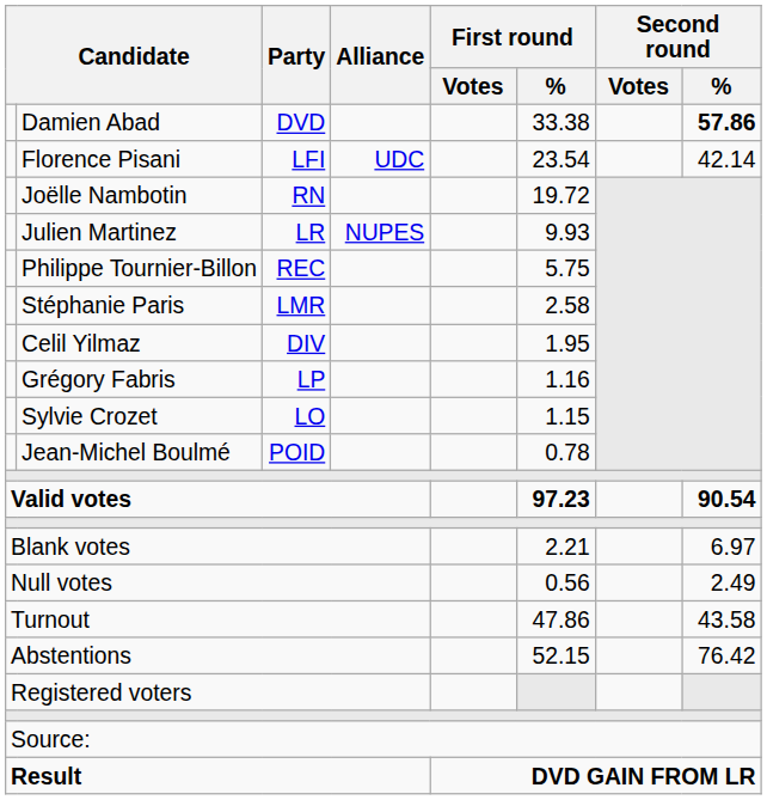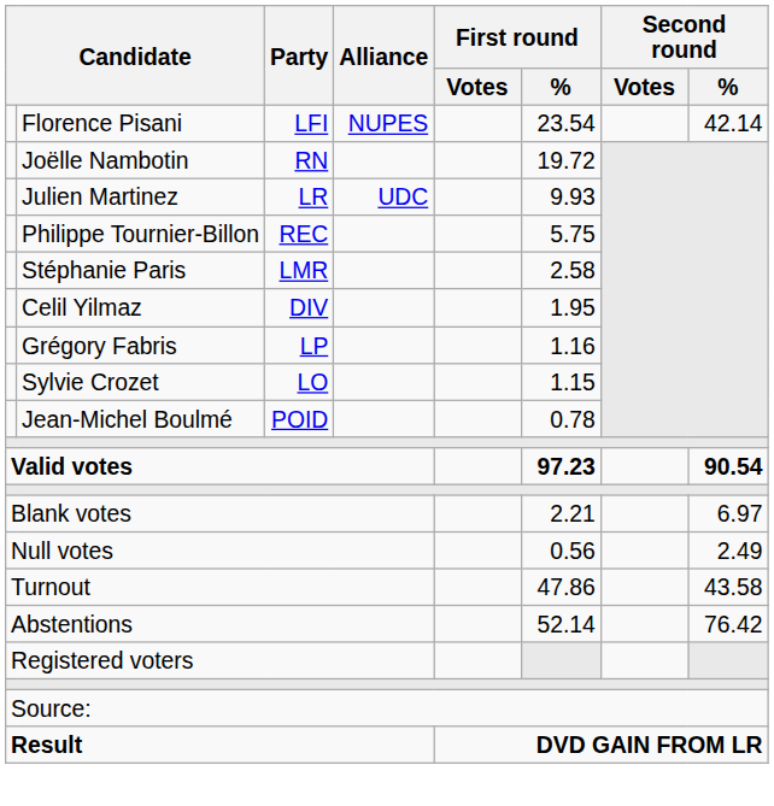 <table class="wikitable" style="text-align:right;font-size:95%;">
 <tr>
 <th colspan="2" rowspan="2">Candidate</th>
 <th colspan="1" rowspan="2">Party</th>
 <th colspan="1" rowspan="2">Alliance</th>
 <th colspan="2">First round</th>
 <th colspan="2">Second round</th>
 </tr>
 <tr>
 <th style="width:50px;">Votes</th>
 <th style="width:45px;">%</th>
 <th style="width:50px;">Votes</th>
 <th style="width:45px;">%</th>
 </tr>
 <tr>
 <td style="color:inherit;background:"></td>
-<td style="text-align:left;">Damien Abad</td>
-<td><a href='#'>DVD</a></td>
-<td></td>
-<td></td>
-<td>33.38</td>
-<td><strong></strong></td>
-<td><strong>57.86</strong></td>
-</tr>
-<tr>
-<td style="color:inherit;background:"></td>
 <td style="text-align:left;">Florence Pisani</td>
 <td><a href='#'>LFI</a></td>
-<td><a href='#'>UDC</a></td>
+<td><a href='#'>NUPES</a></td>
 <td></td>
 <td>23.54</td>
 <td></td>
 <td>42.14</td>
 </tr>
 <tr>
 <td style="color:inherit;background:"></td>
 <td style="text-align:left;">Joëlle Nambotin</td>
 <td><a href='#'>RN</a></td>
 <td></td>
 <td></td>
 <td>19.72</td>
 <td colspan="2" rowspan="8" style="background:#E9E9E9;"></td>
 </tr>
 <tr>
 <td style="color:inherit;background:"></td>
 <td style="text-align:left;">Julien Martinez</td>
 <td><a href='#'>LR</a></td>
-<td><a href='#'>NUPES</a></td>
+<td><a href='#'>UDC</a></td>
 <td></td>
 <td>9.93</td>
 </tr>
 <tr>
 <td style="color:inherit;background:"></td>
 <td style="text-align:left;">Philippe Tournier-Billon</td>
 <td><a href='#'>REC</a></td>
 <td></td>
 <td></td>
 <td>5.75</td>
 </tr>
 <tr>
 <td style="color:inherit;background:"></td>
 <td style="text-align:left;">Stéphanie Paris</td>
 <td><a href='#'>LMR</a></td>
 <td></td>
 <td></td>
 <td>2.58</td>
 </tr>
 <tr>
 <td style="color:inherit;background:"></td>
 <td style="text-align:left;">Celil Yilmaz</td>
 <td><a href='#'>DIV</a></td>
 <td></td>
 <td></td>
 <td>1.95</td>
 </tr>
 <tr>
 <td style="color:inherit;background:"></td>
 <td style="text-align:left;">Grégory Fabris</td>
 <td><a href='#'>LP</a></td>
 <td></td>
 <td></td>
 <td>1.16</td>
 </tr>
 <tr>
 <td style="color:inherit;background:"></td>
 <td style="text-align:left;">Sylvie Crozet</td>
 <td><a href='#'>LO</a></td>
 <td></td>
 <td></td>
 <td>1.15</td>
 </tr>
 <tr>
 <td style="color:inherit;background:"></td>
 <td style="text-align:left;">Jean-Michel Boulmé</td>
 <td><a href='#'>POID</a></td>
 <td></td>
 <td></td>
 <td>0.78</td>
 </tr>
 <tr>
 <td colspan="8" style="background:#E9E9E9;"></td>
 </tr>
 <tr style="font-weight:bold;">
 <td colspan="4" style="text-align:left;">Valid votes</td>
 <td></td>
 <td>97.23</td>
 <td></td>
 <td>90.54</td>
 </tr>
 <tr>
 <td colspan="8" style="background:#E9E9E9;"></td>
 </tr>
 <tr>
 <td colspan="4" style="text-align:left;">Blank votes</td>
 <td></td>
 <td>2.21</td>
 <td></td>
 <td>6.97</td>
 </tr>
 <tr>
 <td colspan="4" style="text-align:left;">Null votes</td>
 <td></td>
 <td>0.56</td>
 <td></td>
 <td>2.49</td>
 </tr>
 <tr>
 <td colspan="4" style="text-align:left;">Turnout</td>
 <td></td>
 <td>47.86</td>
 <td></td>
 <td>43.58</td>
 </tr>
 <tr>
 <td colspan="4" style="text-align:left;">Abstentions</td>
 <td></td>
-<td>52.15</td>
+<td>52.14</td>
 <td></td>
 <td>76.42</td>
 </tr>
 <tr>
 <td colspan="4" style="text-align:left;">Registered voters</td>
 <td></td>
 <td style="color:inherit;background:#E9E9E9;"></td>
 <td></td>
 <td style="color:inherit;background:#E9E9E9;"></td>
 </tr>
 <tr>
 <td colspan="8" style="background:#E9E9E9;"></td>
 </tr>
 <tr>
 <td colspan="8" style="text-align:left;">Source: </td>
 </tr>
 <tr style="font-weight:bold">
 <td colspan="4" style="text-align:left;">Result</td>
 <td colspan="4" style="background-color:">DVD GAIN FROM LR</td>
 </tr>
 </table>
